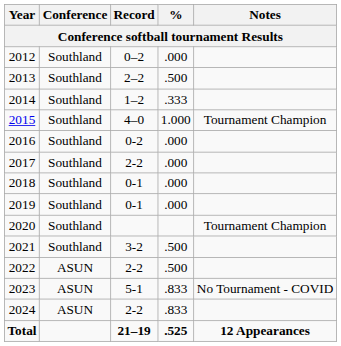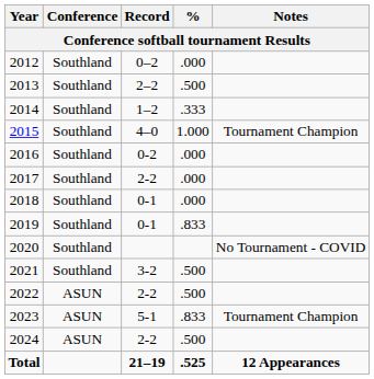 <table class="wikitable">
 <tr>
 <th>Year</th>
 <th>Conference</th>
 <th>Record</th>
 <th>%</th>
 <th>Notes</th>
 </tr>
 <tr>
 <th colspan=5>Conference softball tournament Results</th>
 </tr>
 <tr style="text-align:center;">
 <td>2012</td>
 <td>Southland</td>
 <td>0–2</td>
 <td>.000</td>
 <td></td>
 </tr>
 <tr style="text-align:center;">
 <td>2013</td>
 <td>Southland</td>
 <td>2–2</td>
 <td>.500</td>
 <td></td>
 </tr>
 <tr style="text-align:center;">
 <td>2014</td>
 <td>Southland</td>
 <td>1–2</td>
 <td>.333</td>
 <td></td>
 </tr>
 <tr style="text-align:center;">
 <td><a href='#'>2015</a></td>
 <td>Southland</td>
 <td>4–0</td>
 <td>1.000</td>
 <td>Tournament Champion</td>
 </tr>
 <tr style="text-align:center;">
 <td>2016</td>
 <td>Southland</td>
 <td>0-2</td>
 <td>.000</td>
 <td></td>
 </tr>
 <tr style="text-align:center;">
 <td>2017</td>
 <td>Southland</td>
 <td>2-2</td>
 <td>.000</td>
 <td></td>
 </tr>
 <tr style="text-align:center;">
 <td>2018</td>
 <td>Southland</td>
 <td>0-1</td>
 <td>.000</td>
 <td></td>
 </tr>
 <tr style="text-align:center;">
 <td>2019</td>
 <td>Southland</td>
 <td>0-1</td>
-<td>.000</td>
+<td>.833</td>
 <td></td>
 </tr>
 <tr style="text-align:center;">
 <td>2020</td>
 <td>Southland</td>
 <td></td>
 <td></td>
-<td>Tournament Champion</td>
+<td>No Tournament - COVID</td>
 </tr>
 <tr style="text-align:center;">
 <td>2021</td>
 <td>Southland</td>
 <td>3-2</td>
 <td>.500</td>
 <td></td>
 </tr>
 <tr style="text-align:center;">
 <td>2022</td>
 <td>ASUN</td>
 <td>2-2</td>
 <td>.500</td>
 <td></td>
 </tr>
 <tr style="text-align:center;">
 <td>2023</td>
 <td>ASUN</td>
 <td>5-1</td>
 <td>.833</td>
-<td>No Tournament - COVID</td>
+<td>Tournament Champion</td>
 </tr>
 <tr style="text-align:center;">
 <td>2024</td>
 <td>ASUN</td>
 <td>2-2</td>
-<td>.833</td>
+<td>.500</td>
 <td></td>
 </tr>
 <tr style="text-align:center;">
 <td><strong>Total</strong></td>
 <td></td>
 <td><strong>21–19</strong></td>
 <td><strong>.525</strong></td>
 <td><strong>12 Appearances</strong></td>
 </tr>
 </table>
